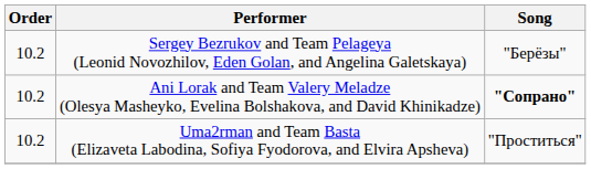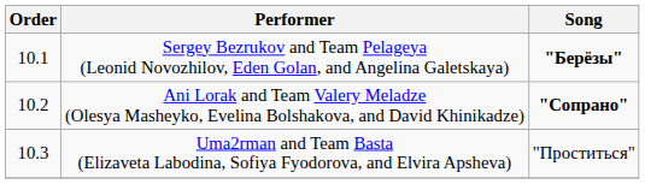 <table class="wikitable" style="text-align:center;">
 <tr>
 <th>Order</th>
 <th>Performer</th>
 <th>Song</th>
 </tr>
 <tr>
-<td>10.2</td>
+<td>10.1</td>
 <td><a href='#'>Sergey Bezrukov</a> and Team <a href='#'>Pelageya</a> <br> (Leonid Novozhilov, <a href='#'>Eden Golan</a>, and Angelina Galetskaya)</td>
-<td>"Берёзы"</td>
+<td><strong>"Берёзы"</strong></td>
 </tr>
 <tr>
 <td>10.2</td>
 <td><a href='#'>Ani Lorak</a> and Team <a href='#'>Valery Meladze</a> <br> (Olesya Masheyko, Evelina Bolshakova, and David Khinikadze)</td>
 <td><strong>"Сопрано"</strong></td>
 </tr>
 <tr>
-<td>10.2</td>
+<td>10.3</td>
 <td><a href='#'>Uma2rman</a> and Team <a href='#'>Basta</a> <br> (Elizaveta Labodina, Sofiya Fyodorova, and Elvira Apsheva)</td>
 <td>"Проститься"</td>
 </tr>
 <tr>
 </tr>
 </table>
